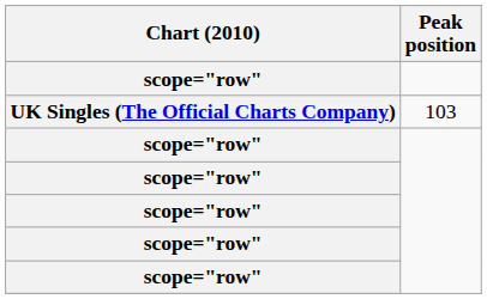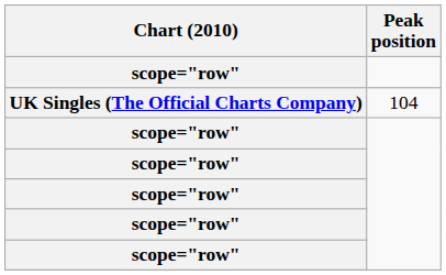 <table class="wikitable sortable plainrowheaders" style="text-align:center;">
 <tr>
 <th scope="col">Chart (2010)</th>
 <th scope="col">Peak<br>position</th>
 </tr>
 <tr>
 <th>scope="row" </th>
 </tr>
 <tr>
 <th scope="row">UK Singles (<a href='#'>The Official Charts Company</a>)</th>
-<td style="text-align:center;">103</td>
+<td style="text-align:center;">104</td>
 </tr>
 <tr>
 <th>scope="row" </th>
 </tr>
 <tr>
 <th>scope="row" </th>
 </tr>
 <tr>
 <th>scope="row" </th>
 </tr>
 <tr>
 <th>scope="row" </th>
 </tr>
 <tr>
 <th>scope="row" </th>
 </tr>
 <tr>
 </tr>
 </table>
